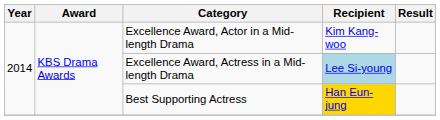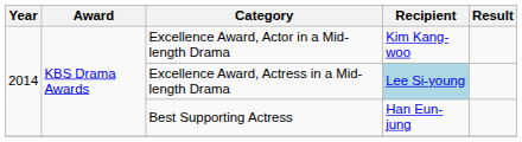 <table class="wikitable">
 <tr>
 <th>Year</th>
 <th>Award</th>
 <th>Category</th>
 <th>Recipient</th>
 <th>Result</th>
 </tr>
 <tr>
 <td rowspan=3>2014</td>
 <td rowspan=3><a href='#'>KBS Drama Awards</a></td>
 <td>Excellence Award, Actor in a Mid-length Drama</td>
 <td><a href='#'>Kim Kang-woo</a></td>
 <td></td>
 </tr>
 <tr>
 <td>Excellence Award, Actress in a Mid-length Drama</td>
 <td style="background: lightblue;"><a href='#'>Lee Si-young</a></td>
 <td></td>
 </tr>
 <tr>
 <td>Best Supporting Actress</td>
-<td style="background: gold;"><a href='#'>Han Eun-jung</a></td>
+<td><a href='#'>Han Eun-jung</a></td>
 <td></td>
 </tr>
 <tr>
 </tr>
 </table>
